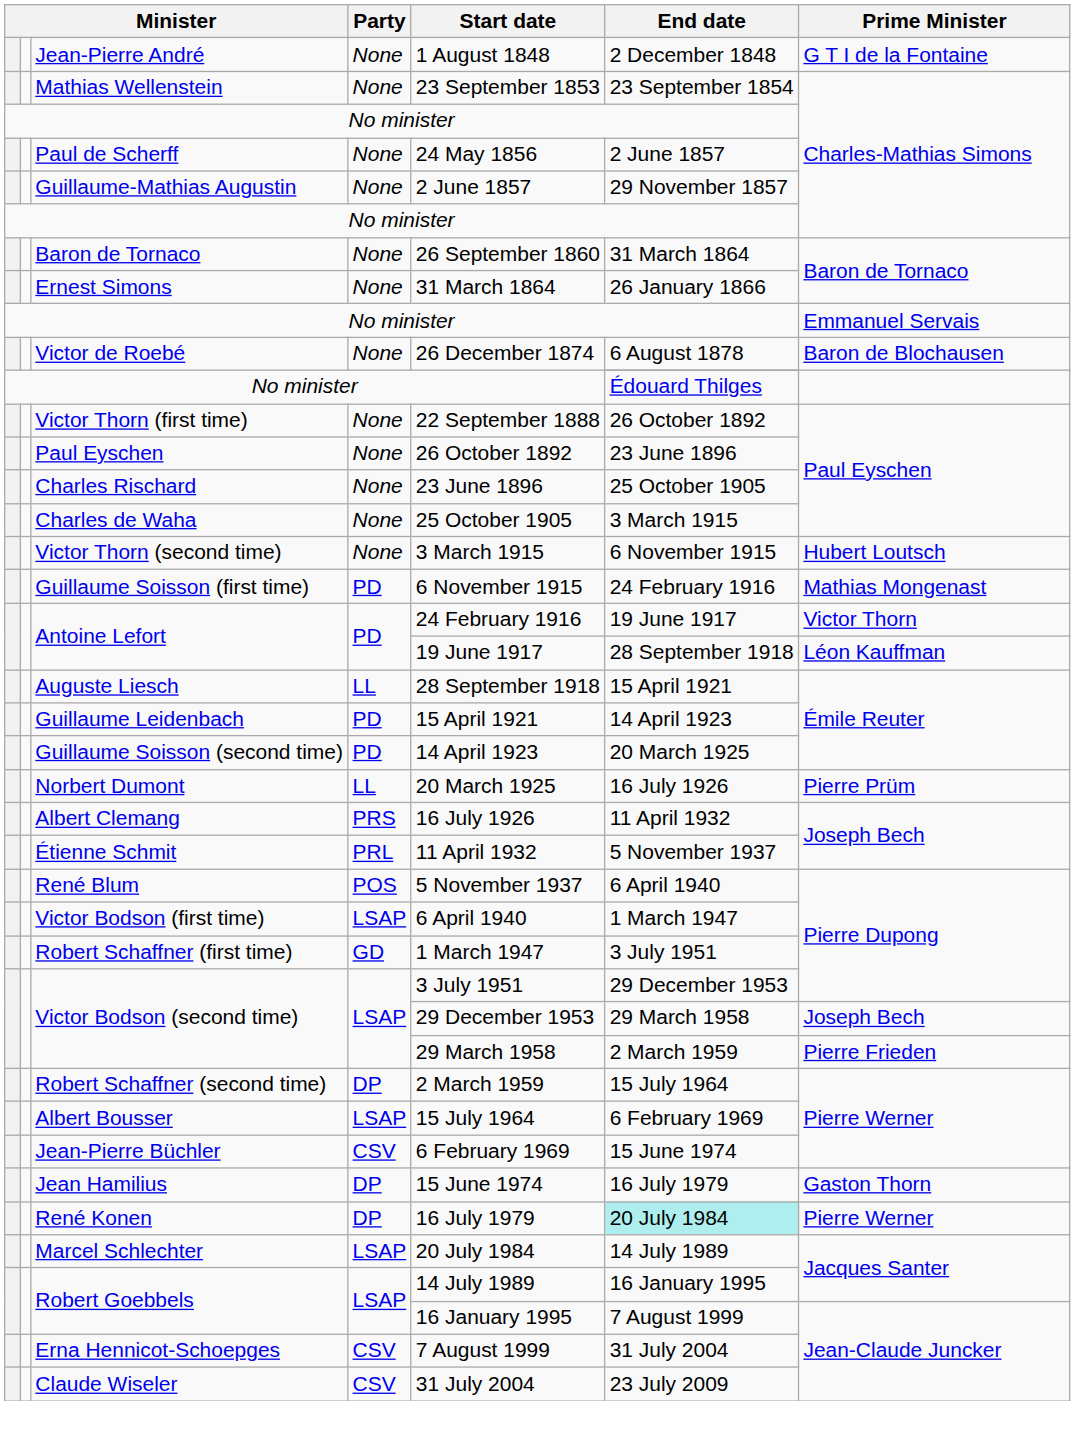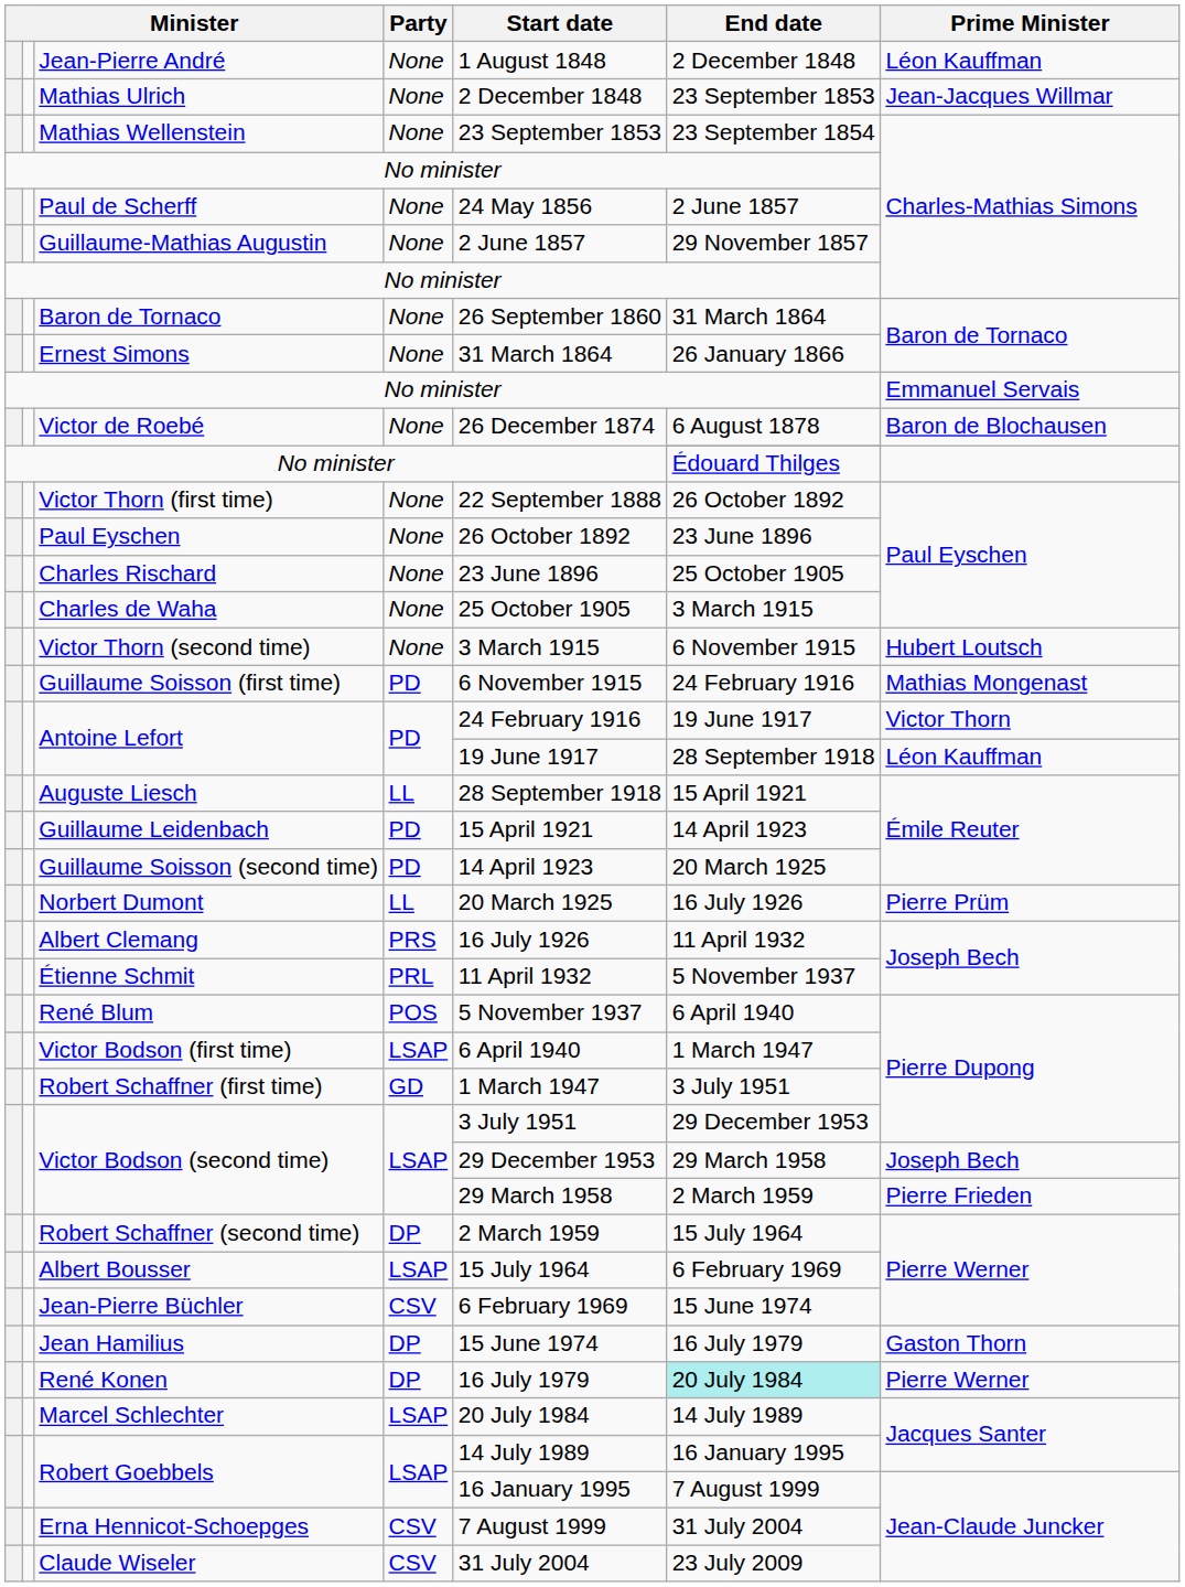 <table class="wikitable">
 <tr style="background: #efefef;">
 <th colspan=3 width=200px>Minister</th>
 <th>Party</th>
 <th>Start date</th>
 <th>End date</th>
 <th width=200px>Prime Minister</th>
 </tr>
 <tr>
 <th width=5px></th>
 <td></td>
 <td><a href='#'>Jean-Pierre André</a></td>
 <td><em>None</em></td>
 <td>1 August 1848</td>
 <td>2 December 1848</td>
-<td><a href='#'>G T I de la Fontaine</a></td>
+<td><a href='#'>Léon Kauffman</a></td>
+</tr>
+<tr>
+<th></th>
+<td></td>
+<td><a href='#'>Mathias Ulrich</a></td>
+<td><em>None</em></td>
+<td>2 December 1848</td>
+<td>23 September 1853</td>
+<td><a href='#'>Jean-Jacques Willmar</a></td>
 </tr>
 <tr>
 <th></th>
 <td></td>
 <td><a href='#'>Mathias Wellenstein</a></td>
 <td><em>None</em></td>
 <td>23 September 1853</td>
 <td>23 September 1854</td>
 <td rowspan=5><a href='#'>Charles-Mathias Simons</a></td>
 </tr>
 <tr>
 <td align=center colspan=6><em>No minister</em></td>
 </tr>
 <tr>
 <th></th>
 <td></td>
 <td><a href='#'>Paul de Scherff</a></td>
 <td><em>None</em></td>
 <td>24 May 1856</td>
 <td>2 June 1857</td>
 </tr>
 <tr>
 <th></th>
 <td></td>
 <td><a href='#'>Guillaume-Mathias Augustin</a></td>
 <td><em>None</em></td>
 <td>2 June 1857</td>
 <td>29 November 1857</td>
 </tr>
 <tr>
 <td align=center colspan=6><em>No minister</em></td>
 </tr>
 <tr>
 <th></th>
 <td></td>
 <td><a href='#'>Baron de Tornaco</a></td>
 <td><em>None</em></td>
 <td>26 September 1860</td>
 <td>31 March 1864</td>
 <td rowspan=3><a href='#'>Baron de Tornaco</a></td>
 </tr>
 <tr>
 <th></th>
 <td></td>
 <td><a href='#'>Ernest Simons</a></td>
 <td><em>None</em></td>
 <td>31 March 1864</td>
 <td>26 January 1866</td>
 </tr>
 <tr>
 <td rowspan=2 align=center colspan=6><em>No minister</em></td>
 </tr>
 <tr>
 <td><a href='#'>Emmanuel Servais</a></td>
 </tr>
 <tr>
 <th></th>
 <td></td>
 <td><a href='#'>Victor de Roebé</a></td>
 <td><em>None</em></td>
 <td>26 December 1874</td>
 <td>6 August 1878</td>
 <td rowspan=2><a href='#'>Baron de Blochausen</a></td>
 </tr>
 <tr>
 <td rowspan=2 align=center colspan=5><em>No minister</em></td>
 </tr>
 <tr>
 <td><a href='#'>Édouard Thilges</a></td>
 </tr>
 <tr>
 <th></th>
 <td></td>
 <td><a href='#'>Victor Thorn</a> (first time)</td>
 <td><em>None</em></td>
 <td>22 September 1888</td>
 <td>26 October 1892</td>
 <td rowspan=4><a href='#'>Paul Eyschen</a></td>
 </tr>
 <tr>
 <th></th>
 <td></td>
 <td><a href='#'>Paul Eyschen</a></td>
 <td><em>None</em></td>
 <td>26 October 1892</td>
 <td>23 June 1896</td>
 </tr>
 <tr>
 <th></th>
 <td></td>
 <td><a href='#'>Charles Rischard</a></td>
 <td><em>None</em></td>
 <td>23 June 1896</td>
 <td>25 October 1905</td>
 </tr>
 <tr>
 <th></th>
 <td></td>
 <td><a href='#'>Charles de Waha</a></td>
 <td><em>None</em></td>
 <td>25 October 1905</td>
 <td>3 March 1915</td>
 </tr>
 <tr>
 <th></th>
 <td></td>
 <td><a href='#'>Victor Thorn</a> (second time)</td>
 <td><em>None</em></td>
 <td>3 March 1915</td>
 <td>6 November 1915</td>
 <td><a href='#'>Hubert Loutsch</a></td>
 </tr>
 <tr>
 <th style="background-color: "></th>
 <td></td>
 <td><a href='#'>Guillaume Soisson</a> (first time)</td>
 <td><a href='#'>PD</a></td>
 <td>6 November 1915</td>
 <td>24 February 1916</td>
 <td><a href='#'>Mathias Mongenast</a></td>
 </tr>
 <tr>
 <th rowspan=2 style="background-color: "></th>
 <td rowspan=2></td>
 <td rowspan=2><a href='#'>Antoine Lefort</a></td>
 <td rowspan=2><a href='#'>PD</a></td>
 <td>24 February 1916</td>
 <td>19 June 1917</td>
 <td><a href='#'>Victor Thorn</a></td>
 </tr>
 <tr>
 <td>19 June 1917</td>
 <td>28 September 1918</td>
 <td><a href='#'>Léon Kauffman</a></td>
 </tr>
 <tr>
 <th style="background-color: "></th>
 <td></td>
 <td><a href='#'>Auguste Liesch</a></td>
 <td><a href='#'>LL</a></td>
 <td>28 September 1918</td>
 <td>15 April 1921</td>
 <td rowspan=3><a href='#'>Émile Reuter</a></td>
 </tr>
 <tr>
 <th style="background-color: "></th>
 <td></td>
 <td><a href='#'>Guillaume Leidenbach</a></td>
 <td><a href='#'>PD</a></td>
 <td>15 April 1921</td>
 <td>14 April 1923</td>
 </tr>
 <tr>
 <th style="background-color: "></th>
 <td></td>
 <td><a href='#'>Guillaume Soisson</a> (second time)</td>
 <td><a href='#'>PD</a></td>
 <td>14 April 1923</td>
 <td>20 March 1925</td>
 </tr>
 <tr>
 <th style="background-color: "></th>
 <td></td>
 <td><a href='#'>Norbert Dumont</a></td>
 <td><a href='#'>LL</a></td>
 <td>20 March 1925</td>
 <td>16 July 1926</td>
 <td><a href='#'>Pierre Prüm</a></td>
 </tr>
 <tr>
 <th style="background-color: "></th>
 <td></td>
 <td><a href='#'>Albert Clemang</a></td>
 <td><a href='#'>PRS</a></td>
 <td>16 July 1926</td>
 <td>11 April 1932</td>
 <td rowspan=2><a href='#'>Joseph Bech</a></td>
 </tr>
 <tr>
 <th style="background-color: "></th>
 <td></td>
 <td><a href='#'>Étienne Schmit</a></td>
 <td><a href='#'>PRL</a></td>
 <td>11 April 1932</td>
 <td>5 November 1937</td>
 </tr>
 <tr>
 <th style="background-color: "></th>
 <td></td>
 <td><a href='#'>René Blum</a></td>
 <td><a href='#'>POS</a></td>
 <td>5 November 1937</td>
 <td>6 April 1940</td>
 <td rowspan=4><a href='#'>Pierre Dupong</a></td>
 </tr>
 <tr>
 <th style="background-color: "></th>
 <td></td>
 <td><a href='#'>Victor Bodson</a> (first time)</td>
 <td><a href='#'>LSAP</a></td>
 <td>6 April 1940</td>
 <td>1 March 1947</td>
 </tr>
 <tr>
 <th style="background-color: "></th>
 <td></td>
 <td><a href='#'>Robert Schaffner</a> (first time)</td>
 <td><a href='#'>GD</a></td>
 <td>1 March 1947</td>
 <td>3 July 1951</td>
 </tr>
 <tr>
 <th rowspan=3 style="background-color: "></th>
 <td rowspan=3></td>
 <td rowspan=3><a href='#'>Victor Bodson</a> (second time)</td>
 <td rowspan=3><a href='#'>LSAP</a></td>
 <td>3 July 1951</td>
 <td>29 December 1953</td>
 </tr>
 <tr>
 <td>29 December 1953</td>
 <td>29 March 1958</td>
 <td><a href='#'>Joseph Bech</a></td>
 </tr>
 <tr>
 <td>29 March 1958</td>
 <td>2 March 1959</td>
 <td><a href='#'>Pierre Frieden</a></td>
 </tr>
 <tr>
 <th style="background-color: "></th>
 <td></td>
 <td><a href='#'>Robert Schaffner</a> (second time)</td>
 <td><a href='#'>DP</a></td>
 <td>2 March 1959</td>
 <td>15 July 1964</td>
 <td rowspan=3><a href='#'>Pierre Werner</a></td>
 </tr>
 <tr>
 <th style="background-color: "></th>
 <td></td>
 <td><a href='#'>Albert Bousser</a></td>
 <td><a href='#'>LSAP</a></td>
 <td>15 July 1964</td>
 <td>6 February 1969</td>
 </tr>
 <tr>
 <th style="background-color: "></th>
 <td></td>
 <td><a href='#'>Jean-Pierre Büchler</a></td>
 <td><a href='#'>CSV</a></td>
 <td>6 February 1969</td>
 <td>15 June 1974</td>
 </tr>
 <tr>
 <th style="background-color: "></th>
 <td></td>
 <td><a href='#'>Jean Hamilius</a></td>
 <td><a href='#'>DP</a></td>
 <td>15 June 1974</td>
 <td>16 July 1979</td>
 <td><a href='#'>Gaston Thorn</a></td>
 </tr>
 <tr>
 <th style="background-color: "></th>
 <td></td>
 <td><a href='#'>René Konen</a></td>
 <td><a href='#'>DP</a></td>
 <td>16 July 1979</td>
 <td style="background: paleturquoise;">20 July 1984</td>
 <td><a href='#'>Pierre Werner</a></td>
 </tr>
 <tr>
 <th style="background-color: "></th>
 <td></td>
 <td><a href='#'>Marcel Schlechter</a></td>
 <td><a href='#'>LSAP</a></td>
 <td>20 July 1984</td>
 <td>14 July 1989</td>
 <td rowspan=2><a href='#'>Jacques Santer</a></td>
 </tr>
 <tr>
 <th rowspan=2 style="background-color: "></th>
 <td rowspan=2></td>
 <td rowspan=2><a href='#'>Robert Goebbels</a></td>
 <td rowspan=2><a href='#'>LSAP</a></td>
 <td>14 July 1989</td>
 <td>16 January 1995</td>
 </tr>
 <tr>
 <td>16 January 1995</td>
 <td>7 August 1999</td>
 <td rowspan=3><a href='#'>Jean-Claude Juncker</a></td>
 </tr>
 <tr>
 <th style="background-color: "></th>
 <td></td>
 <td><a href='#'>Erna Hennicot-Schoepges</a></td>
 <td><a href='#'>CSV</a></td>
 <td>7 August 1999</td>
 <td>31 July 2004</td>
 </tr>
 <tr>
 <th style="background-color: "></th>
 <td></td>
 <td><a href='#'>Claude Wiseler</a></td>
 <td><a href='#'>CSV</a></td>
 <td>31 July 2004</td>
 <td>23 July 2009</td>
 </tr>
 </table>
